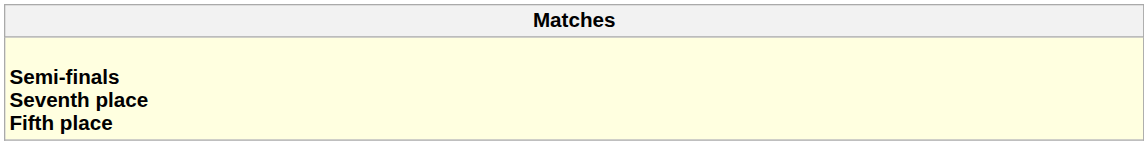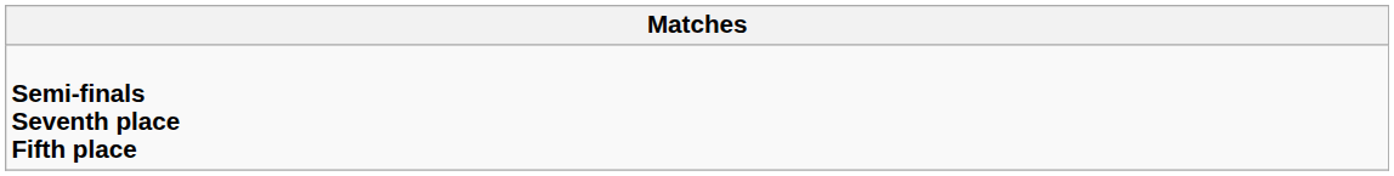 <table class="wikitable collapsible collapsed" style="width:100%;">
 <tr>
 <th>Matches</th>
 </tr>
 <tr>
-<td style="background: lightyellow;"><br><strong>Semi-finals</strong>  <br><strong>Seventh place</strong> <br><strong>Fifth place</strong> </td>
+<td><br><strong>Semi-finals</strong>  <br><strong>Seventh place</strong> <br><strong>Fifth place</strong> </td>
 </tr>
 </table>
